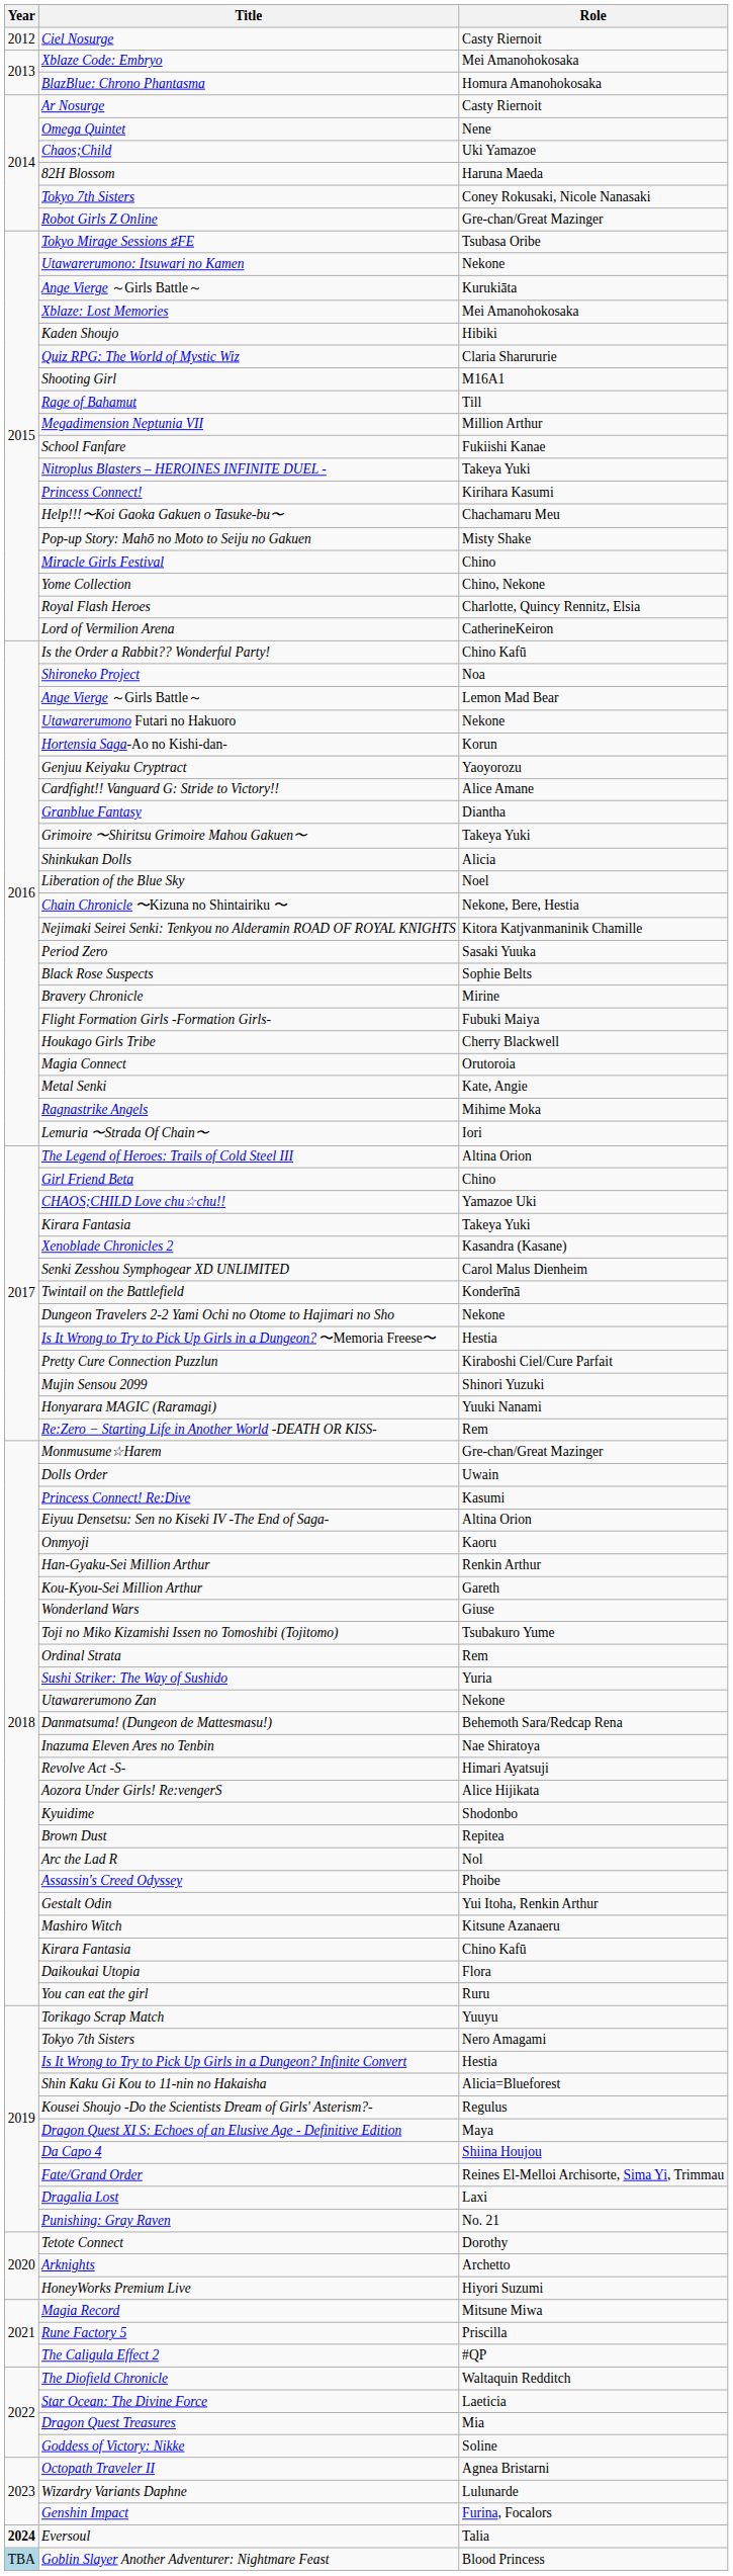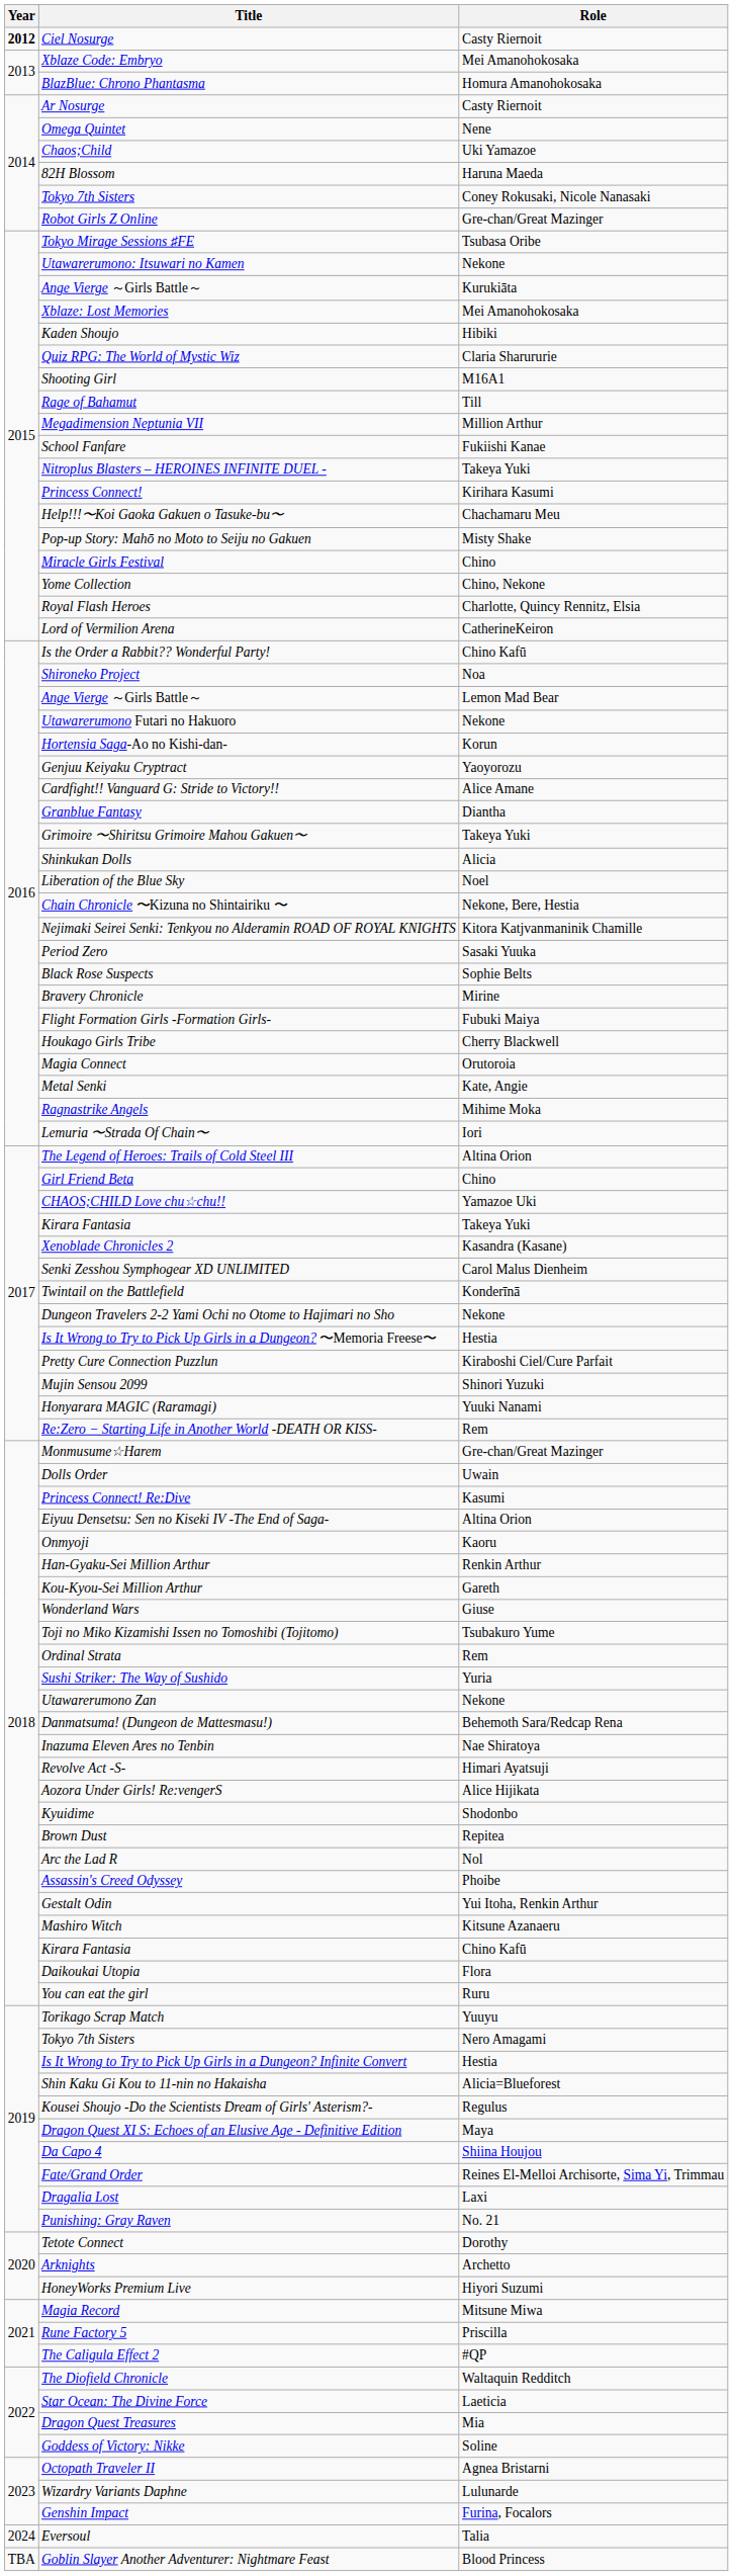 <table class="wikitable" style="font-size: 90%;">
 <tr>
 <th>Year</th>
 <th>Title</th>
 <th>Role</th>
 </tr>
 <tr>
-<td>2012</td>
+<td><strong>2012</strong></td>
 <td><em><a href='#'>Ciel Nosurge</a></em></td>
 <td>Casty Riernoit</td>
 </tr>
 <tr>
 <td rowspan="2">2013</td>
 <td><em><a href='#'>Xblaze Code: Embryo</a></em></td>
 <td>Mei Amanohokosaka</td>
 </tr>
 <tr>
 <td><em><a href='#'>BlazBlue: Chrono Phantasma</a></em></td>
 <td>Homura Amanohokosaka</td>
 </tr>
 <tr>
 <td rowspan="6">2014</td>
 <td><em><a href='#'>Ar Nosurge</a></em></td>
 <td>Casty Riernoit</td>
 </tr>
 <tr>
 <td><em><a href='#'>Omega Quintet</a></em></td>
 <td>Nene</td>
 </tr>
 <tr>
 <td><em><a href='#'>Chaos;Child</a></em></td>
 <td>Uki Yamazoe</td>
 </tr>
 <tr>
 <td><em>82H Blossom</em></td>
 <td>Haruna Maeda</td>
 </tr>
 <tr>
 <td><em><a href='#'>Tokyo 7th Sisters</a></em></td>
 <td>Coney Rokusaki, Nicole Nanasaki</td>
 </tr>
 <tr>
 <td><em><a href='#'>Robot Girls Z Online</a></em></td>
 <td>Gre-chan/Great Mazinger</td>
 </tr>
 <tr>
 <td rowspan="18">2015</td>
 <td><em><a href='#'>Tokyo Mirage Sessions ♯FE</a></em></td>
 <td>Tsubasa Oribe</td>
 </tr>
 <tr>
 <td><em><a href='#'>Utawarerumono: Itsuwari no Kamen</a></em></td>
 <td>Nekone</td>
 </tr>
 <tr>
 <td><em><a href='#'>Ange Vierge</a></em> ～Girls Battle～</td>
 <td>Kurukiāta</td>
 </tr>
 <tr>
 <td><em><a href='#'>Xblaze: Lost Memories</a></em></td>
 <td>Mei Amanohokosaka</td>
 </tr>
 <tr>
 <td><em>Kaden Shoujo</em></td>
 <td>Hibiki</td>
 </tr>
 <tr>
 <td><em><a href='#'>Quiz RPG: The World of Mystic Wiz</a></em></td>
 <td>Claria Sharururie</td>
 </tr>
 <tr>
 <td><em>Shooting Girl</em></td>
 <td>M16A1</td>
 </tr>
 <tr>
 <td><em><a href='#'>Rage of Bahamut</a></em></td>
 <td>Till</td>
 </tr>
 <tr>
 <td><em><a href='#'>Megadimension Neptunia VII</a></em></td>
 <td>Million Arthur</td>
 </tr>
 <tr>
 <td><em>School Fanfare</em></td>
 <td>Fukiishi Kanae</td>
 </tr>
 <tr>
 <td><em><a href='#'>Nitroplus Blasters – HEROINES INFINITE DUEL -</a></em></td>
 <td>Takeya Yuki</td>
 </tr>
 <tr>
 <td><em><a href='#'>Princess Connect!</a></em></td>
 <td>Kirihara Kasumi</td>
 </tr>
 <tr>
 <td><em>Help!!︎!〜Koi Gaoka Gakuen o Tasuke-bu〜</em></td>
 <td>Chachamaru Meu</td>
 </tr>
 <tr>
 <td><em>Pop-up Story: Mahō no Moto to Seiju no Gakuen</em></td>
 <td>Misty Shake</td>
 </tr>
 <tr>
 <td><em><a href='#'>Miracle Girls Festival</a></em></td>
 <td>Chino</td>
 </tr>
 <tr>
 <td><em>Yome Collection</em></td>
 <td>Chino, Nekone</td>
 </tr>
 <tr>
 <td><em>Royal Flash Heroes</em></td>
 <td>Charlotte, Quincy Rennitz, Elsia</td>
 </tr>
 <tr>
 <td><em>Lord of Vermilion Arena</em></td>
 <td>CatherineKeiron</td>
 </tr>
 <tr>
 <td rowspan="22">2016</td>
 <td><em>Is the Order a Rabbit?? Wonderful Party!</em></td>
 <td>Chino Kafū</td>
 </tr>
 <tr>
 <td><em><a href='#'>Shironeko Project</a></em></td>
 <td>Noa</td>
 </tr>
 <tr>
 <td><em><a href='#'>Ange Vierge</a></em> ～Girls Battle～</td>
 <td>Lemon Mad Bear</td>
 </tr>
 <tr>
 <td><em><a href='#'>Utawarerumono</a></em> Futari no Hakuoro</td>
 <td>Nekone</td>
 </tr>
 <tr>
 <td><em><a href='#'>Hortensia Saga</a></em>-Ao no Kishi-dan-</td>
 <td>Korun</td>
 </tr>
 <tr>
 <td><em>Genjuu Keiyaku Cryptract</em></td>
 <td>Yaoyorozu</td>
 </tr>
 <tr>
 <td><em>Cardfight!! Vanguard G: Stride to Victory!!</em></td>
 <td>Alice Amane</td>
 </tr>
 <tr>
 <td><em><a href='#'>Granblue Fantasy</a></em></td>
 <td>Diantha</td>
 </tr>
 <tr>
 <td><em>Grimoire 〜Shiritsu Grimoire Mahou Gakuen〜</em></td>
 <td>Takeya Yuki</td>
 </tr>
 <tr>
 <td><em>Shinkukan Dolls</em></td>
 <td>Alicia</td>
 </tr>
 <tr>
 <td><em>Liberation of the Blue Sky</em></td>
 <td>Noel</td>
 </tr>
 <tr>
 <td><em><a href='#'>Chain Chronicle</a></em> 〜Kizuna no Shintairiku 〜</td>
 <td>Nekone, Bere, Hestia</td>
 </tr>
 <tr>
 <td><em>Nejimaki Seirei Senki: Tenkyou no Alderamin ROAD OF ROYAL KNIGHTS</em></td>
 <td>Kitora Katjvanmaninik Chamille</td>
 </tr>
 <tr>
 <td><em>Period Zero</em></td>
 <td>Sasaki Yuuka</td>
 </tr>
 <tr>
 <td><em>Black Rose Suspects</em></td>
 <td>Sophie Belts</td>
 </tr>
 <tr>
 <td><em>Bravery Chronicle</em></td>
 <td>Mirine</td>
 </tr>
 <tr>
 <td><em>Flight Formation Girls -Formation Girls-</em></td>
 <td>Fubuki Maiya</td>
 </tr>
 <tr>
 <td><em>Houkago Girls Tribe</em></td>
 <td>Cherry Blackwell</td>
 </tr>
 <tr>
 <td><em>Magia Connect</em></td>
 <td>Orutoroia</td>
 </tr>
 <tr>
 <td><em>Metal Senki</em></td>
 <td>Kate, Angie</td>
 </tr>
 <tr>
 <td><em><a href='#'>Ragnastrike Angels</a></em></td>
 <td>Mihime Moka</td>
 </tr>
 <tr>
 <td><em>Lemuria 〜Strada Of Chain〜</em></td>
 <td>Iori</td>
 </tr>
 <tr>
 <td rowspan="13">2017</td>
 <td><em><a href='#'>The Legend of Heroes: Trails of Cold Steel III</a></em></td>
 <td>Altina Orion</td>
 </tr>
 <tr>
 <td><em><a href='#'>Girl Friend Beta</a></em></td>
 <td>Chino</td>
 </tr>
 <tr>
 <td><em><a href='#'>CHAOS;CHILD Love chu☆chu!!</a></em></td>
 <td>Yamazoe Uki</td>
 </tr>
 <tr>
 <td><em>Kirara Fantasia</em></td>
 <td>Takeya Yuki</td>
 </tr>
 <tr>
 <td><em><a href='#'>Xenoblade Chronicles 2</a></em></td>
 <td>Kasandra (Kasane)</td>
 </tr>
 <tr>
 <td><em>Senki Zesshou Symphogear XD UNLIMITED</em></td>
 <td>Carol Malus Dienheim</td>
 </tr>
 <tr>
 <td><em>Twintail on the Battlefield</em></td>
 <td>Konderīnā</td>
 </tr>
 <tr>
 <td><em>Dungeon Travelers 2-2 Yami Ochi no Otome to Hajimari no Sho</em></td>
 <td>Nekone</td>
 </tr>
 <tr>
 <td><em><a href='#'>Is It Wrong to Try to Pick Up Girls in a Dungeon?</a></em> 〜Memoria Freese〜</td>
 <td>Hestia</td>
 </tr>
 <tr>
 <td><em>Pretty Cure Connection Puzzlun</em></td>
 <td>Kiraboshi Ciel/Cure Parfait</td>
 </tr>
 <tr>
 <td><em>Mujin Sensou 2099</em></td>
 <td>Shinori Yuzuki</td>
 </tr>
 <tr>
 <td><em>Honyarara MAGIC (Raramagi)</em></td>
 <td>Yuuki Nanami</td>
 </tr>
 <tr>
 <td><em><a href='#'>Re:Zero − Starting Life in Another World</a> -DEATH OR KISS-</em></td>
 <td>Rem</td>
 </tr>
 <tr>
 <td rowspan="25">2018</td>
 <td><em>Monmusume☆Harem</em></td>
 <td>Gre-chan/Great Mazinger</td>
 </tr>
 <tr>
 <td><em>Dolls Order</em></td>
 <td>Uwain</td>
 </tr>
 <tr>
 <td><em><a href='#'>Princess Connect! Re:Dive</a></em></td>
 <td>Kasumi</td>
 </tr>
 <tr>
 <td><em>Eiyuu Densetsu: Sen no Kiseki IV -The End of Saga-</em></td>
 <td>Altina Orion</td>
 </tr>
 <tr>
 <td><em>Onmyoji</em></td>
 <td>Kaoru</td>
 </tr>
 <tr>
 <td><em>Han-Gyaku-Sei Million Arthur</em></td>
 <td>Renkin Arthur</td>
 </tr>
 <tr>
 <td><em>Kou-Kyou-Sei Million Arthur</em></td>
 <td>Gareth</td>
 </tr>
 <tr>
 <td><em>Wonderland Wars</em></td>
 <td>Giuse</td>
 </tr>
 <tr>
 <td><em>Toji no Miko Kizamishi Issen no Tomoshibi (Tojitomo)</em></td>
 <td>Tsubakuro Yume</td>
 </tr>
 <tr>
 <td><em>Ordinal Strata</em></td>
 <td>Rem</td>
 </tr>
 <tr>
 <td><em><a href='#'>Sushi Striker: The Way of Sushido</a></em></td>
 <td>Yuria</td>
 </tr>
 <tr>
 <td><em>Utawarerumono Zan</em></td>
 <td>Nekone</td>
 </tr>
 <tr>
 <td><em>Danmatsuma! (Dungeon de Mattesmasu!)</em></td>
 <td>Behemoth Sara/Redcap Rena</td>
 </tr>
 <tr>
 <td><em>Inazuma Eleven Ares no Tenbin</em></td>
 <td>Nae Shiratoya</td>
 </tr>
 <tr>
 <td><em>Revolve Act -S-</em></td>
 <td>Himari Ayatsuji</td>
 </tr>
 <tr>
 <td><em>Aozora Under Girls! Re:vengerS</em></td>
 <td>Alice Hijikata</td>
 </tr>
 <tr>
 <td><em>Kyuidime</em></td>
 <td>Shodonbo</td>
 </tr>
 <tr>
 <td><em>Brown Dust</em></td>
 <td>Repitea</td>
 </tr>
 <tr>
 <td><em>Arc the Lad R</em></td>
 <td>Nol</td>
 </tr>
 <tr>
 <td><em><a href='#'>Assassin's Creed Odyssey</a></em></td>
 <td>Phoibe</td>
 </tr>
 <tr>
 <td><em>Gestalt Odin</em></td>
 <td>Yui Itoha, Renkin Arthur</td>
 </tr>
 <tr>
 <td><em>Mashiro Witch</em></td>
 <td>Kitsune Azanaeru</td>
 </tr>
 <tr>
 <td><em>Kirara Fantasia</em></td>
 <td>Chino Kafū</td>
 </tr>
 <tr>
 <td><em>Daikoukai Utopia</em></td>
 <td>Flora</td>
 </tr>
 <tr>
 <td><em>You can eat the girl</em></td>
 <td>Ruru</td>
 </tr>
 <tr>
 <td rowspan="10">2019</td>
 <td><em>Torikago Scrap Match</em></td>
 <td>Yuuyu</td>
 </tr>
 <tr>
 <td><em>Tokyo 7th Sisters</em></td>
 <td>Nero Amagami</td>
 </tr>
 <tr>
 <td><em><a href='#'>Is It Wrong to Try to Pick Up Girls in a Dungeon? Infinite Convert</a></em></td>
 <td>Hestia</td>
 </tr>
 <tr>
 <td><em>Shin Kaku Gi Kou to 11-nin no Hakaisha</em></td>
 <td>Alicia=Blueforest</td>
 </tr>
 <tr>
 <td><em>Kousei Shoujo -Do the Scientists Dream of Girls' Asterism?-</em></td>
 <td>Regulus</td>
 </tr>
 <tr>
 <td><em><a href='#'>Dragon Quest XI S: Echoes of an Elusive Age - Definitive Edition</a> </em></td>
 <td>Maya</td>
 </tr>
 <tr>
 <td><em><a href='#'>Da Capo 4</a></em></td>
 <td><a href='#'>Shiina Houjou</a></td>
 </tr>
 <tr>
 <td><em><a href='#'>Fate/Grand Order</a></em></td>
 <td>Reines El-Melloi Archisorte, <a href='#'>Sima Yi</a>, Trimmau</td>
 </tr>
 <tr>
 <td><em><a href='#'>Dragalia Lost</a></em></td>
 <td>Laxi</td>
 </tr>
 <tr>
 <td><em><a href='#'>Punishing: Gray Raven</a></em></td>
 <td>No. 21</td>
 </tr>
 <tr>
 <td rowspan="3">2020</td>
 <td><em>Tetote Connect</em></td>
 <td>Dorothy</td>
 </tr>
 <tr>
 <td><em><a href='#'>Arknights</a></em></td>
 <td>Archetto</td>
 </tr>
 <tr>
 <td><em>HoneyWorks Premium Live</em></td>
 <td>Hiyori Suzumi</td>
 </tr>
 <tr>
 <td rowspan="3">2021</td>
 <td><em><a href='#'>Magia Record</a></em></td>
 <td>Mitsune Miwa</td>
 </tr>
 <tr>
 <td><em><a href='#'>Rune Factory 5</a></em></td>
 <td>Priscilla</td>
 </tr>
 <tr>
 <td><em><a href='#'>The Caligula Effect 2</a></em></td>
 <td>#QP</td>
 </tr>
 <tr>
 <td rowspan="4">2022</td>
 <td><em><a href='#'>The Diofield Chronicle</a></em></td>
 <td>Waltaquin Redditch</td>
 </tr>
 <tr>
 <td><em><a href='#'>Star Ocean: The Divine Force</a></em></td>
 <td>Laeticia</td>
 </tr>
 <tr>
 <td><em><a href='#'>Dragon Quest Treasures</a></em></td>
 <td>Mia</td>
 </tr>
 <tr>
 <td><em><a href='#'>Goddess of Victory: Nikke</a></em></td>
 <td>Soline</td>
 </tr>
 <tr>
 <td rowspan="3">2023</td>
 <td><em><a href='#'>Octopath Traveler II</a></em></td>
 <td>Agnea Bristarni</td>
 </tr>
 <tr>
 <td><em>Wizardry Variants Daphne</em></td>
 <td>Lulunarde</td>
 </tr>
 <tr>
 <td><em><a href='#'>Genshin Impact</a></em></td>
 <td><a href='#'>Furina</a>, Focalors</td>
 </tr>
 <tr>
-<td><strong>2024</strong></td>
+<td>2024</td>
 <td><em>Eversoul</em></td>
 <td>Talia</td>
 </tr>
 <tr>
-<td rowspan="1" style="background: lightblue;">TBA</td>
+<td rowspan="1">TBA</td>
 <td><em><a href='#'>Goblin Slayer</a> Another Adventurer: Nightmare Feast</em></td>
 <td>Blood Princess</td>
 </tr>
 </table>
